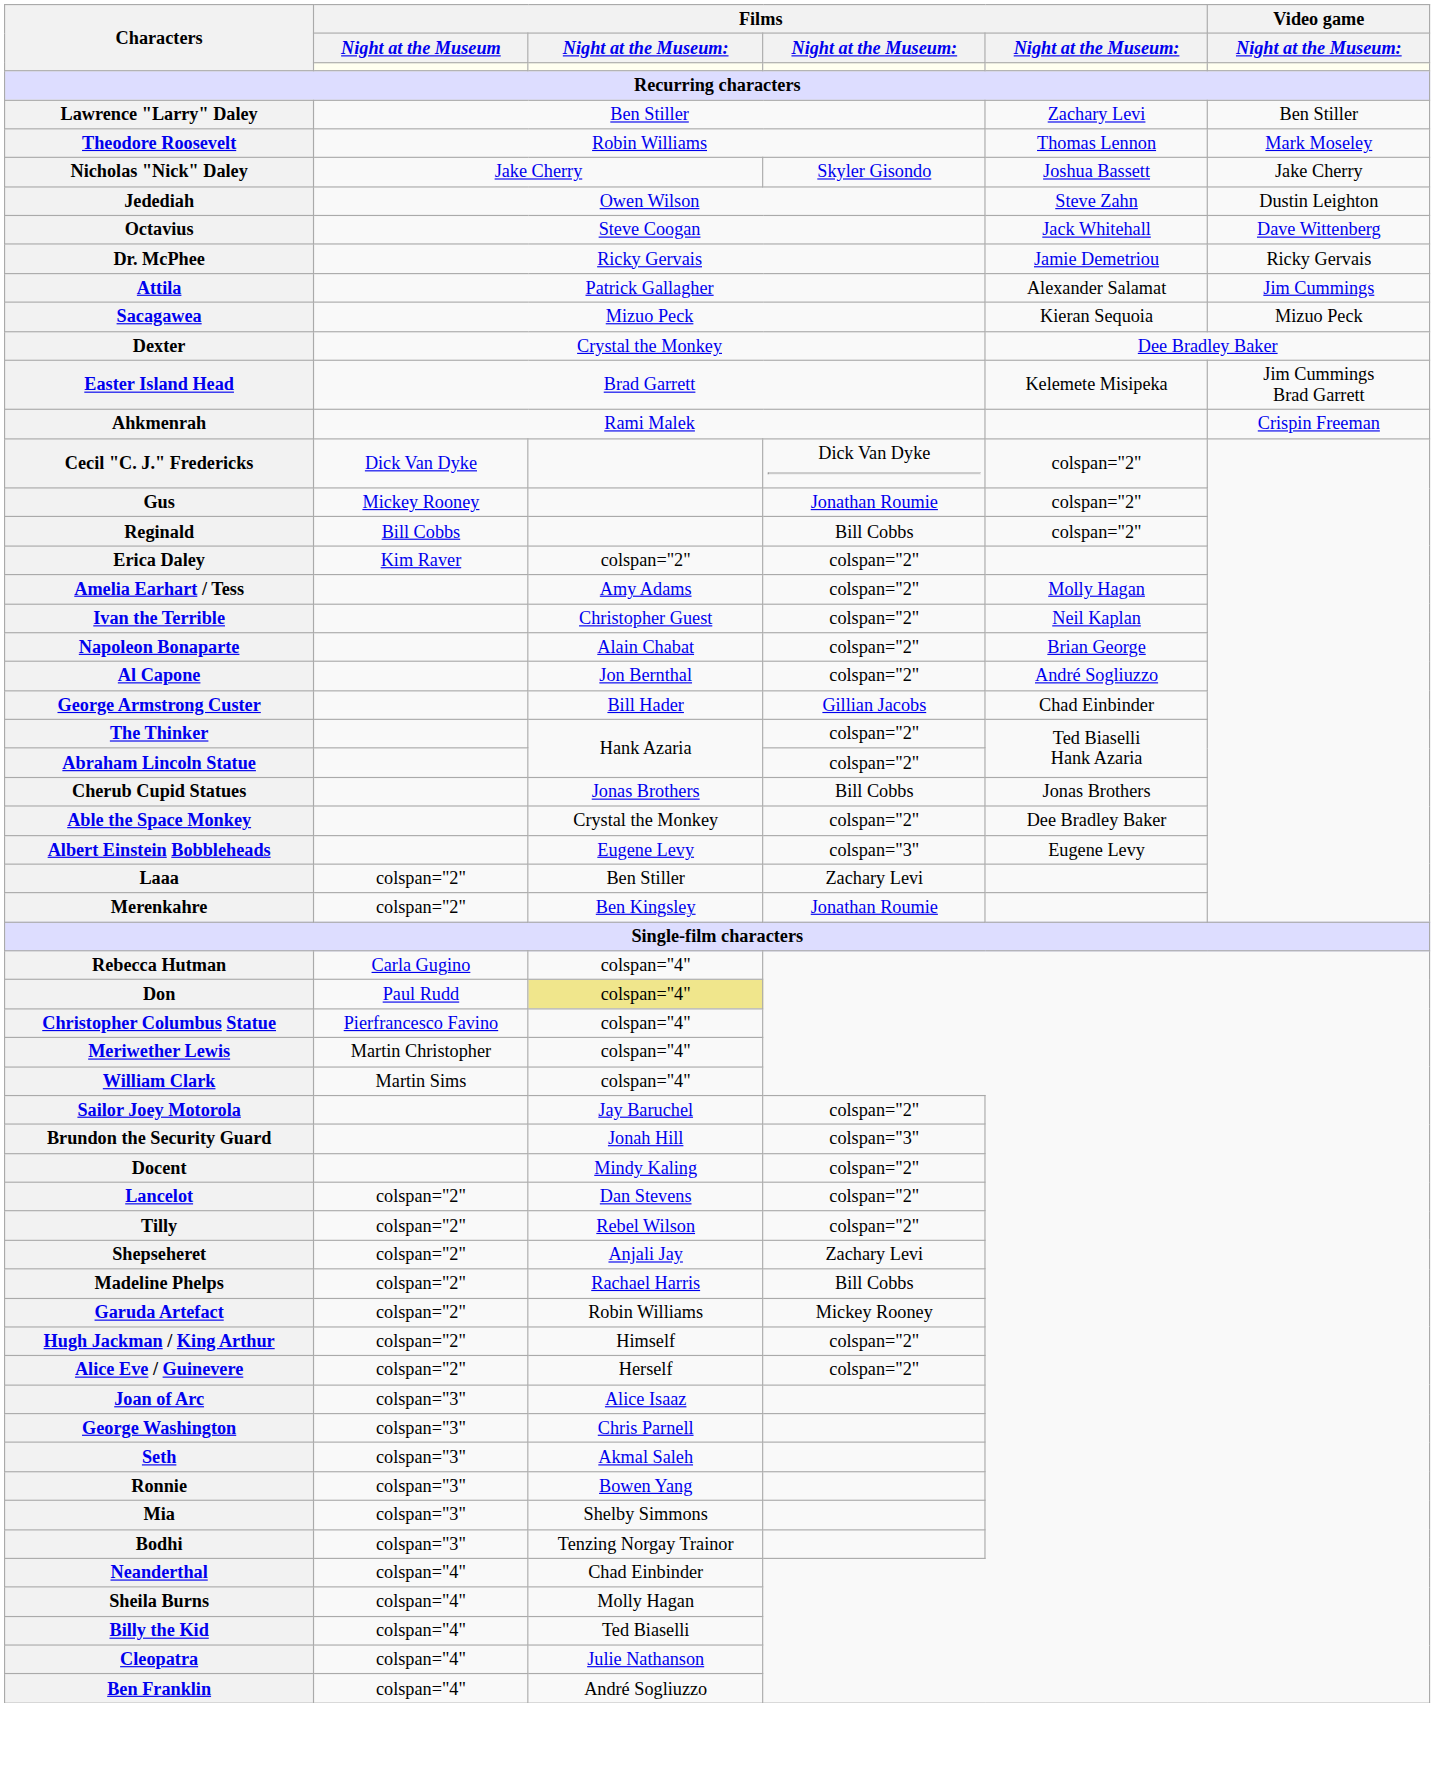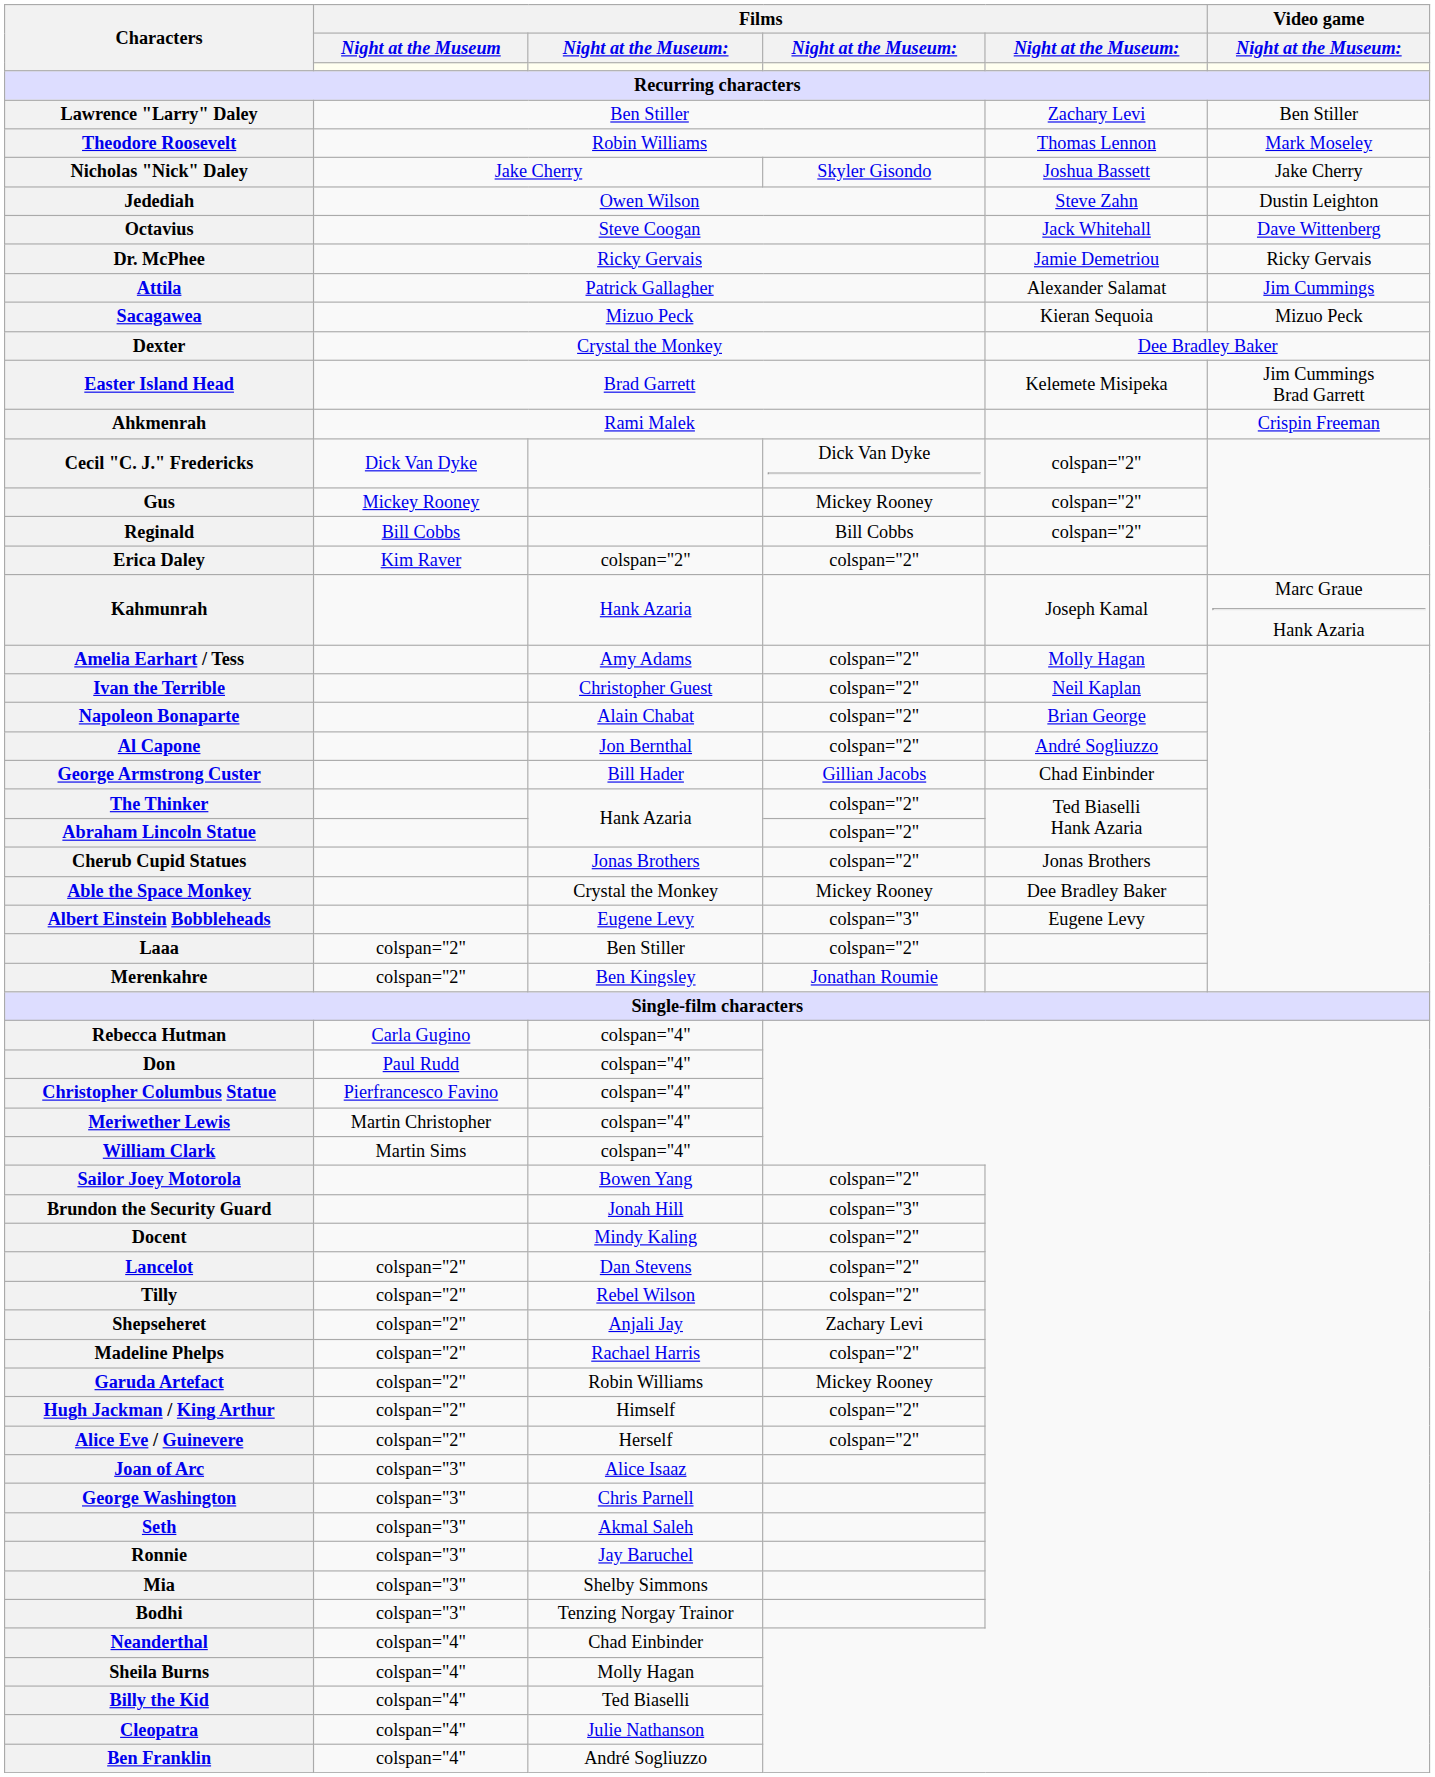 <table class="wikitable" style="text-align:center; width:99%;" >
 <tr>
 <th rowspan="3">Characters</th>
 <th colspan="4">Films</th>
 <th>Video game</th>
 </tr>
 <tr>
 <th><em><a href='#'>Night at the Museum</a></em></th>
 <th><em><a href='#'>Night at the Museum:<br></a></em></th>
 <th><em><a href='#'>Night at the Museum:<br></a></em></th>
 <th><em><a href='#'>Night at the Museum:<br></a></em></th>
 <th><em><a href='#'>Night at the Museum:<br></a></em></th>
 </tr>
 <tr>
 <td style="background:ivory;"></td>
 <td style="background:ivory;"></td>
 <td style="background:ivory;"></td>
 <td style="background:ivory;"></td>
 <td style="background:ivory;"></td>
 </tr>
 <tr>
 <th scope="row" colspan="6" style="background-color:#ddf;">Recurring characters</th>
 </tr>
 <tr>
 <th>Lawrence "Larry" Daley</th>
 <td colspan="3"><a href='#'>Ben Stiller</a></td>
 <td><a href='#'>Zachary Levi</a></td>
 <td>Ben Stiller</td>
 </tr>
 <tr>
 <th><a href='#'>Theodore Roosevelt</a></th>
 <td colspan="3"><a href='#'>Robin Williams</a></td>
 <td><a href='#'>Thomas Lennon</a></td>
 <td><a href='#'>Mark Moseley</a></td>
 </tr>
 <tr>
 <th>Nicholas "Nick" Daley</th>
 <td colspan="2"><a href='#'>Jake Cherry</a></td>
 <td><a href='#'>Skyler Gisondo</a></td>
 <td><a href='#'>Joshua Bassett</a></td>
 <td>Jake Cherry</td>
 </tr>
 <tr>
 <th>Jedediah</th>
 <td colspan="3"><a href='#'>Owen Wilson</a></td>
 <td><a href='#'>Steve Zahn</a></td>
 <td>Dustin Leighton</td>
 </tr>
 <tr>
 <th>Octavius</th>
 <td colspan="3"><a href='#'>Steve Coogan</a></td>
 <td><a href='#'>Jack Whitehall</a></td>
 <td><a href='#'>Dave Wittenberg</a></td>
 </tr>
 <tr>
 <th>Dr. McPhee</th>
 <td colspan="3"><a href='#'>Ricky Gervais</a></td>
 <td><a href='#'>Jamie Demetriou</a></td>
 <td>Ricky Gervais</td>
 </tr>
 <tr>
 <th><a href='#'>Attila</a></th>
 <td colspan="3"><a href='#'>Patrick Gallagher</a></td>
 <td>Alexander Salamat</td>
 <td><a href='#'>Jim Cummings</a></td>
 </tr>
 <tr>
 <th><a href='#'>Sacagawea</a></th>
 <td colspan="3"><a href='#'>Mizuo Peck</a></td>
 <td>Kieran Sequoia</td>
 <td>Mizuo Peck</td>
 </tr>
 <tr>
 <th>Dexter</th>
 <td colspan="3"><a href='#'>Crystal the Monkey</a></td>
 <td colspan="2"><a href='#'>Dee Bradley Baker</a></td>
 </tr>
 <tr>
 <th><a href='#'>Easter Island Head</a></th>
 <td colspan="3"><a href='#'>Brad Garrett</a></td>
 <td>Kelemete Misipeka</td>
 <td>Jim Cummings<br>Brad Garrett</td>
 </tr>
 <tr>
 <th>Ahkmenrah</th>
 <td colspan="3"><a href='#'>Rami Malek</a></td>
 <td></td>
 <td><a href='#'>Crispin Freeman</a></td>
 </tr>
 <tr>
 <th>Cecil "C. J." Fredericks</th>
 <td><a href='#'>Dick Van Dyke</a></td>
 <td></td>
 <td>Dick Van Dyke<hr></td>
 <td>colspan="2" </td>
 </tr>
 <tr>
 <th>Gus</th>
 <td><a href='#'>Mickey Rooney</a></td>
 <td></td>
-<td><a href='#'>Jonathan Roumie</a></td>
+<td>Mickey Rooney</td>
 <td>colspan="2" </td>
 </tr>
 <tr>
 <th>Reginald</th>
 <td><a href='#'>Bill Cobbs</a></td>
 <td></td>
 <td>Bill Cobbs</td>
 <td>colspan="2" </td>
 </tr>
 <tr>
 <th>Erica Daley</th>
 <td><a href='#'>Kim Raver</a></td>
 <td>colspan="2" </td>
 <td>colspan="2" </td>
 <td></td>
+</tr>
+<tr>
+<th>Kahmunrah</th>
+<td></td>
+<td><a href='#'>Hank Azaria</a></td>
+<td></td>
+<td>Joseph Kamal</td>
+<td>Marc Graue<hr>Hank Azaria</td>
 </tr>
 <tr>
 <th><a href='#'>Amelia Earhart</a> / Tess</th>
 <td></td>
 <td><a href='#'>Amy Adams</a></td>
 <td>colspan="2" </td>
 <td><a href='#'>Molly Hagan</a></td>
 </tr>
 <tr>
 <th><a href='#'>Ivan the Terrible</a></th>
 <td></td>
 <td><a href='#'>Christopher Guest</a></td>
 <td>colspan="2" </td>
 <td><a href='#'>Neil Kaplan</a></td>
 </tr>
 <tr>
 <th><a href='#'>Napoleon Bonaparte</a></th>
 <td></td>
 <td><a href='#'>Alain Chabat</a></td>
 <td>colspan="2" </td>
 <td><a href='#'>Brian George</a></td>
 </tr>
 <tr>
 <th><a href='#'>Al Capone</a></th>
 <td></td>
 <td><a href='#'>Jon Bernthal</a></td>
 <td>colspan="2" </td>
 <td><a href='#'>André Sogliuzzo</a></td>
 </tr>
 <tr>
 <th><a href='#'>George Armstrong Custer</a></th>
 <td></td>
 <td><a href='#'>Bill Hader</a></td>
 <td><a href='#'>Gillian Jacobs</a></td>
 <td>Chad Einbinder</td>
 </tr>
 <tr>
 <th><a href='#'>The Thinker</a></th>
 <td></td>
 <td rowspan="2">Hank Azaria</td>
 <td>colspan="2" </td>
 <td rowspan="2">Ted Biaselli<br>Hank Azaria</td>
 </tr>
 <tr>
 <th><a href='#'>Abraham Lincoln Statue</a></th>
 <td></td>
 <td>colspan="2" </td>
 </tr>
 <tr>
 <th>Cherub Cupid Statues</th>
 <td></td>
 <td><a href='#'>Jonas Brothers</a></td>
-<td>Bill Cobbs</td>
+<td>colspan="2" </td>
 <td>Jonas Brothers</td>
 </tr>
 <tr>
 <th><a href='#'>Able the Space Monkey</a></th>
 <td></td>
 <td>Crystal the Monkey</td>
-<td>colspan="2" </td>
+<td>Mickey Rooney</td>
 <td>Dee Bradley Baker</td>
 </tr>
 <tr>
 <th><a href='#'>Albert Einstein</a> <a href='#'>Bobbleheads</a></th>
 <td></td>
 <td><a href='#'>Eugene Levy</a></td>
 <td>colspan="3" </td>
 <td>Eugene Levy</td>
 </tr>
 <tr>
 <th>Laaa</th>
 <td>colspan="2" </td>
 <td>Ben Stiller</td>
-<td>Zachary Levi</td>
+<td>colspan="2" </td>
 <td></td>
 </tr>
 <tr>
 <th>Merenkahre</th>
 <td>colspan="2" </td>
 <td><a href='#'>Ben Kingsley</a></td>
 <td><a href='#'>Jonathan Roumie</a></td>
 <td></td>
 </tr>
 <tr>
 <th scope="row" colspan="6" style="background:#ddf;">Single-film characters</th>
 </tr>
 <tr>
 <th>Rebecca Hutman</th>
 <td><a href='#'>Carla Gugino</a></td>
 <td>colspan="4" </td>
 </tr>
 <tr>
 <th>Don</th>
 <td><a href='#'>Paul Rudd</a></td>
-<td style="background: khaki;">colspan="4" </td>
+<td>colspan="4" </td>
 </tr>
 <tr>
 <th><a href='#'>Christopher Columbus</a> <a href='#'>Statue</a></th>
 <td><a href='#'>Pierfrancesco Favino</a></td>
 <td>colspan="4" </td>
 </tr>
 <tr>
 <th><a href='#'>Meriwether Lewis</a></th>
 <td>Martin Christopher</td>
 <td>colspan="4" </td>
 </tr>
 <tr>
 <th><a href='#'>William Clark</a></th>
 <td>Martin Sims</td>
 <td>colspan="4" </td>
 </tr>
 <tr>
 <th><a href='#'>Sailor Joey Motorola</a></th>
 <td></td>
-<td><a href='#'>Jay Baruchel</a></td>
+<td><a href='#'>Bowen Yang</a></td>
 <td>colspan="2" </td>
 </tr>
 <tr>
 <th>Brundon the Security Guard</th>
 <td></td>
 <td><a href='#'>Jonah Hill</a></td>
 <td>colspan="3" </td>
 </tr>
 <tr>
 <th>Docent</th>
 <td></td>
 <td><a href='#'>Mindy Kaling</a></td>
 <td>colspan="2" </td>
 </tr>
 <tr>
 <th><a href='#'>Lancelot</a></th>
 <td>colspan="2" </td>
 <td><a href='#'>Dan Stevens</a></td>
 <td>colspan="2" </td>
 </tr>
 <tr>
 <th>Tilly</th>
 <td>colspan="2" </td>
 <td><a href='#'>Rebel Wilson</a></td>
 <td>colspan="2" </td>
 </tr>
 <tr>
 <th>Shepseheret</th>
 <td>colspan="2" </td>
 <td><a href='#'>Anjali Jay</a></td>
 <td>Zachary Levi</td>
 </tr>
 <tr>
 <th>Madeline Phelps</th>
 <td>colspan="2" </td>
 <td><a href='#'>Rachael Harris</a></td>
-<td>Bill Cobbs</td>
+<td>colspan="2" </td>
 </tr>
 <tr>
 <th><a href='#'>Garuda Artefact</a></th>
 <td>colspan="2" </td>
 <td>Robin Williams</td>
 <td>Mickey Rooney</td>
 </tr>
 <tr>
 <th><a href='#'>Hugh Jackman</a> / <a href='#'>King Arthur</a></th>
 <td>colspan="2" </td>
 <td>Himself</td>
 <td>colspan="2" </td>
 </tr>
 <tr>
 <th><a href='#'>Alice Eve</a> / <a href='#'>Guinevere</a></th>
 <td>colspan="2" </td>
 <td>Herself</td>
 <td>colspan="2" </td>
 </tr>
 <tr>
 <th><a href='#'>Joan of Arc</a></th>
 <td>colspan="3" </td>
 <td><a href='#'>Alice Isaaz</a></td>
 <td></td>
 </tr>
 <tr>
 <th><a href='#'>George Washington</a></th>
 <td>colspan="3" </td>
 <td><a href='#'>Chris Parnell</a></td>
 <td></td>
 </tr>
 <tr>
 <th><a href='#'>Seth</a></th>
 <td>colspan="3" </td>
 <td><a href='#'>Akmal Saleh</a></td>
 <td></td>
 </tr>
 <tr>
 <th>Ronnie</th>
 <td>colspan="3" </td>
-<td><a href='#'>Bowen Yang</a></td>
+<td><a href='#'>Jay Baruchel</a></td>
 <td></td>
 </tr>
 <tr>
 <th>Mia</th>
 <td>colspan="3" </td>
 <td>Shelby Simmons</td>
 <td></td>
 </tr>
 <tr>
 <th>Bodhi</th>
 <td>colspan="3" </td>
 <td>Tenzing Norgay Trainor</td>
 <td></td>
 </tr>
 <tr>
 <th><a href='#'>Neanderthal</a></th>
 <td>colspan="4" </td>
 <td>Chad Einbinder</td>
 </tr>
 <tr>
 <th>Sheila Burns</th>
 <td>colspan="4" </td>
 <td>Molly Hagan</td>
 </tr>
 <tr>
 <th><a href='#'>Billy the Kid</a></th>
 <td>colspan="4" </td>
 <td>Ted Biaselli</td>
 </tr>
 <tr>
 <th><a href='#'>Cleopatra</a></th>
 <td>colspan="4" </td>
 <td><a href='#'>Julie Nathanson</a></td>
 </tr>
 <tr>
 <th><a href='#'>Ben Franklin</a></th>
 <td>colspan="4" </td>
 <td>André Sogliuzzo</td>
 </tr>
 </table>
